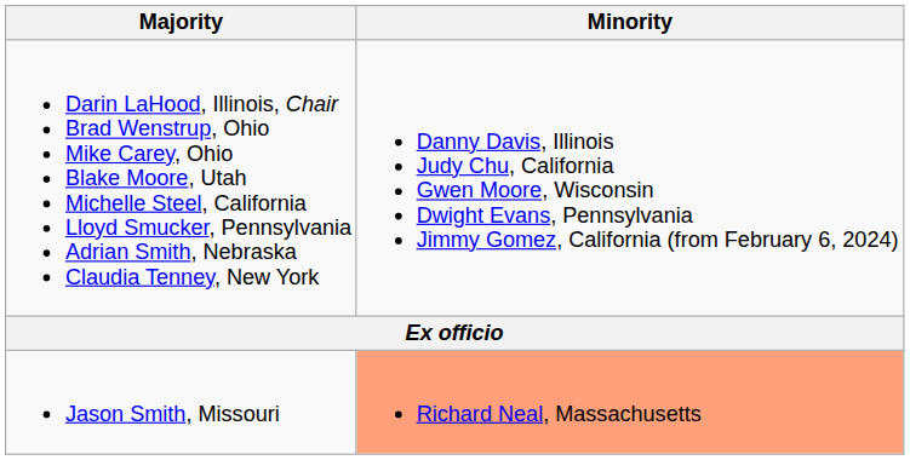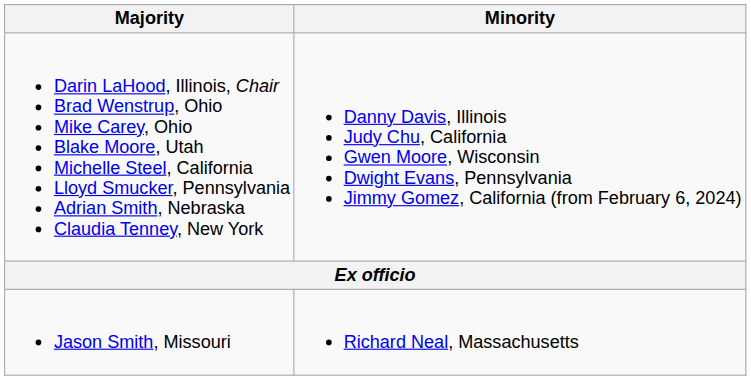 <table class=wikitable>
 <tr>
 <th>Majority</th>
 <th>Minority</th>
 </tr>
 <tr>
 <td><br><ul><li><a href='#'>Darin LaHood</a>, Illinois, <em>Chair</em></li><li><a href='#'>Brad Wenstrup</a>, Ohio</li><li><a href='#'>Mike Carey</a>, Ohio</li><li><a href='#'>Blake Moore</a>, Utah</li><li><a href='#'>Michelle Steel</a>, California</li><li><a href='#'>Lloyd Smucker</a>, Pennsylvania</li><li><a href='#'>Adrian Smith</a>, Nebraska</li><li><a href='#'>Claudia Tenney</a>, New York</li></ul></td>
 <td><br><ul><li><a href='#'>Danny Davis</a>, Illinois</li><li><a href='#'>Judy Chu</a>, California</li><li><a href='#'>Gwen Moore</a>, Wisconsin</li><li><a href='#'>Dwight Evans</a>, Pennsylvania</li><li><a href='#'>Jimmy Gomez</a>, California (from February 6, 2024)</li></ul></td>
 </tr>
 <tr>
 <th colspan=2><em>Ex officio</em></th>
 </tr>
 <tr>
 <td><br><ul><li><a href='#'>Jason Smith</a>, Missouri</li></ul></td>
-<td style="background: lightsalmon;"><br><ul><li><a href='#'>Richard Neal</a>, Massachusetts</li></ul></td>
+<td><br><ul><li><a href='#'>Richard Neal</a>, Massachusetts</li></ul></td>
 </tr>
 </table>
